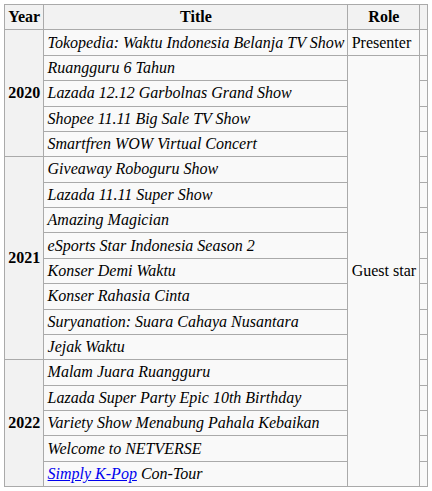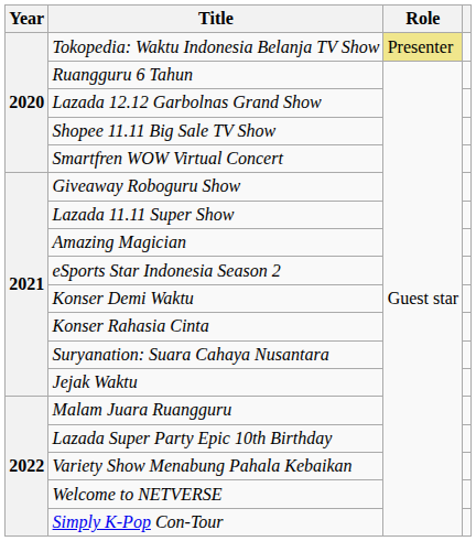 <table class="wikitable plainrowheaders sortable">
 <tr>
 <th scope="col">Year</th>
 <th scope="col">Title</th>
 <th scope="col">Role</th>
 <th></th>
 </tr>
 <tr>
 <th scope="row"rowspan="5">2020</th>
 <td><em>Tokopedia: Waktu Indonesia Belanja TV Show</em></td>
-<td>Presenter</td>
+<td style="background: khaki;">Presenter</td>
 <td></td>
 </tr>
 <tr>
 <td><em>Ruangguru 6 Tahun</em></td>
 <td rowspan="17">Guest star</td>
 <td></td>
 </tr>
 <tr>
 <td><em>Lazada 12.12 Garbolnas Grand Show</em></td>
 <td></td>
 </tr>
 <tr>
 <td><em>Shopee 11.11 Big Sale TV Show</em></td>
 <td></td>
 </tr>
 <tr>
 <td><em>Smartfren WOW Virtual Concert</em></td>
 <td></td>
 </tr>
 <tr>
 <th scope="row"rowspan="8">2021</th>
 <td><em>Giveaway Roboguru Show</em></td>
 <td></td>
 </tr>
 <tr>
 <td><em>Lazada 11.11 Super Show</em></td>
 <td></td>
 </tr>
 <tr>
 <td><em>Amazing Magician</em></td>
 <td></td>
 </tr>
 <tr>
 <td><em>eSports Star Indonesia Season 2</em></td>
 <td></td>
 </tr>
 <tr>
 <td><em>Konser Demi Waktu</em></td>
 <td></td>
 </tr>
 <tr>
 <td><em>Konser Rahasia Cinta</em></td>
 <td></td>
 </tr>
 <tr>
 <td><em>Suryanation: Suara Cahaya Nusantara</em></td>
 <td></td>
 </tr>
 <tr>
 <td><em>Jejak Waktu</em></td>
 <td></td>
 </tr>
 <tr>
 <th scope="row"rowspan="5">2022</th>
 <td><em>Malam Juara Ruangguru</em></td>
 <td></td>
 </tr>
 <tr>
 <td><em>Lazada Super Party Epic 10th Birthday</em></td>
 <td></td>
 </tr>
 <tr>
 <td><em>Variety Show Menabung Pahala Kebaikan</em></td>
 <td></td>
 </tr>
 <tr>
 <td><em>Welcome to NETVERSE</em></td>
 <td></td>
 </tr>
 <tr>
 <td><em><a href='#'>Simply K-Pop</a> Con-Tour</em></td>
 <td></td>
 </tr>
 <tr>
 </tr>
 </table>
